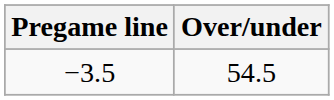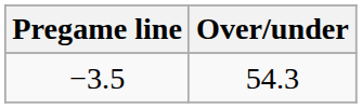 <table class="wikitable" style="margin-left: auto; margin-right: auto; border: none; display: inline-table;">
 <tr style="text-align:center">
 <th style=>Pregame line</th>
 <th style=>Over/under</th>
 </tr>
 <tr style="text-align:center">
 <td>−3.5</td>
-<td>54.5</td>
+<td>54.3</td>
 </tr>
 </table>
